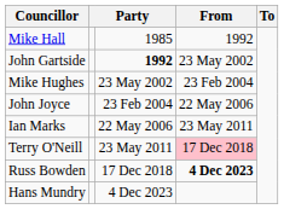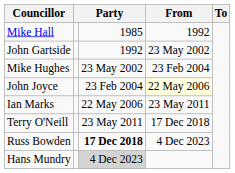 <table class=wikitable>
 <tr>
 <th>Councillor</th>
 <th colspan=2>Party</th>
 <th>From</th>
 <th>To</th>
 </tr>
 <tr>
 <td><a href='#'>Mike Hall</a></td>
 <td></td>
 <td align=right>1985</td>
 <td align=right>1992</td>
 </tr>
 <tr>
 <td>John Gartside</td>
 <td></td>
-<td align=right><strong>1992</strong></td>
+<td align=right>1992</td>
 <td align=right>23 May 2002</td>
 </tr>
 <tr>
 <td>Mike Hughes</td>
 <td></td>
 <td align=right>23 May 2002</td>
 <td align=right>23 Feb 2004</td>
 </tr>
 <tr>
 <td>John Joyce</td>
 <td></td>
 <td align=right>23 Feb 2004</td>
-<td align=right>22 May 2006</td>
+<td align=right style="background: lightyellow;">22 May 2006</td>
 </tr>
 <tr>
 <td>Ian Marks</td>
 <td></td>
 <td align=right>22 May 2006</td>
 <td align=right>23 May 2011</td>
 </tr>
 <tr>
 <td>Terry O'Neill</td>
 <td></td>
 <td align=right>23 May 2011</td>
-<td align=right style="background: pink;">17 Dec 2018</td>
+<td align=right>17 Dec 2018</td>
 </tr>
 <tr>
 <td>Russ Bowden</td>
 <td></td>
-<td align=right>17 Dec 2018</td>
-<td align=right><strong>4 Dec 2023</strong></td>
+<td align=right><strong>17 Dec 2018</strong></td>
+<td align=right>4 Dec 2023</td>
 </tr>
 <tr>
 <td>Hans Mundry</td>
 <td></td>
-<td align=right>4 Dec 2023</td>
+<td align=right style="background: lightgrey;">4 Dec 2023</td>
 <td align=right></td>
 </tr>
 </table>
